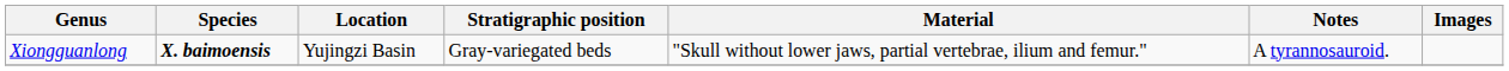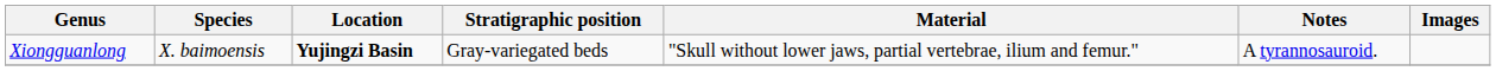 <table class="wikitable" align="center" width="100%">
 <tr>
 <th>Genus</th>
 <th>Species</th>
 <th>Location</th>
 <th>Stratigraphic position</th>
 <th>Material</th>
 <th>Notes</th>
 <th>Images</th>
 </tr>
 <tr>
 <td><em><a href='#'>Xiongguanlong</a></em></td>
-<td><strong><em>X. baimoensis</em></strong></td>
-<td>Yujingzi Basin</td>
+<td><em>X. baimoensis</em></td>
+<td><strong>Yujingzi Basin</strong></td>
 <td>Gray-variegated beds</td>
 <td>"Skull without lower jaws, partial vertebrae, ilium and femur."</td>
 <td>A <a href='#'>tyrannosauroid</a>.</td>
 <td></td>
 </tr>
 <tr>
 </tr>
 </table>
